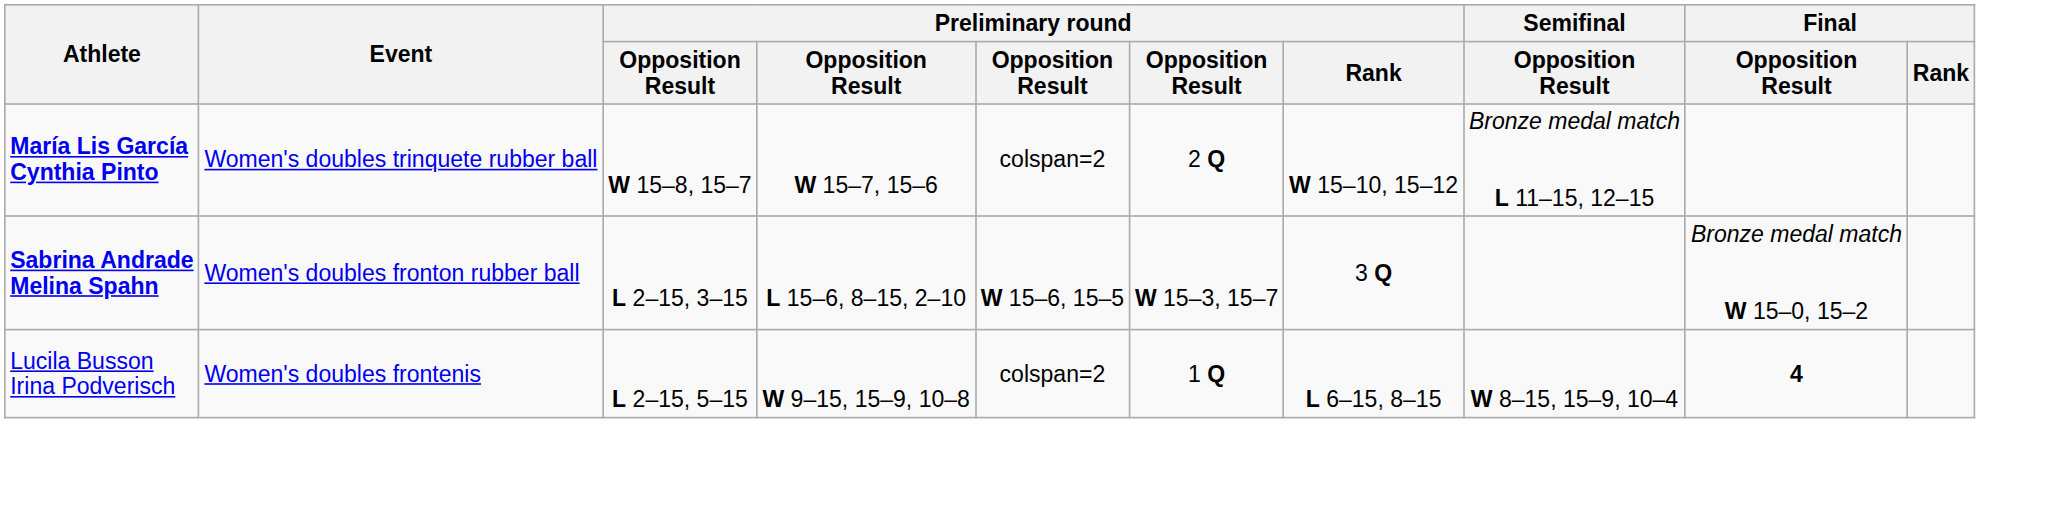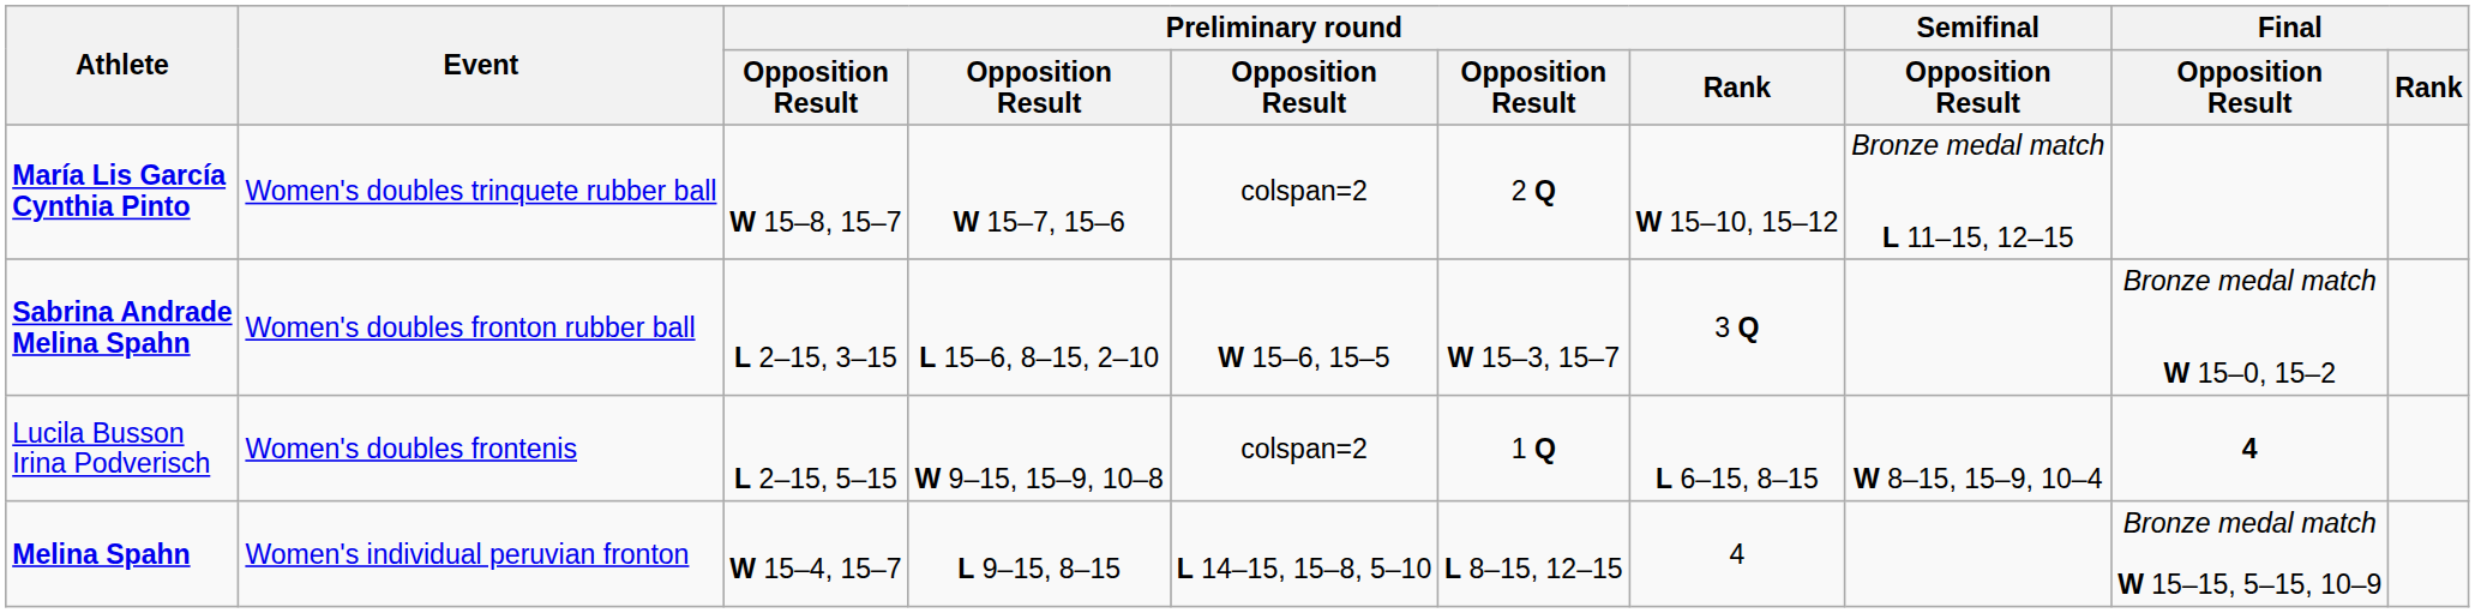 <table class="wikitable" style="font-size:90%">
 <tr>
 <th rowspan="2">Athlete</th>
 <th rowspan="2">Event</th>
 <th colspan="5">Preliminary round</th>
 <th>Semifinal</th>
 <th colspan=2>Final</th>
 </tr>
 <tr>
 <th>Opposition<br>Result</th>
 <th>Opposition<br>Result</th>
 <th>Opposition<br>Result</th>
 <th>Opposition<br>Result</th>
 <th>Rank</th>
 <th>Opposition<br>Result</th>
 <th>Opposition<br>Result</th>
 <th>Rank</th>
 </tr>
 <tr style="text-align:center">
 <td style="text-align:left"><strong><a href='#'>María Lis García</a><br><a href='#'>Cynthia Pinto</a></strong></td>
 <td style="text-align:left"><a href='#'>Women's doubles trinquete rubber ball</a></td>
 <td><br><br><strong>W</strong> 15–8, 15–7</td>
 <td><br><br><strong>W</strong> 15–7, 15–6</td>
 <td>colspan=2 </td>
 <td>2 <strong>Q</strong></td>
 <td><br><br><strong>W</strong> 15–10, 15–12</td>
 <td><em>Bronze medal match</em><br><br><br><strong>L</strong> 11–15, 12–15</td>
 <td></td>
 </tr>
 <tr style="text-align:center">
 <td style="text-align:left"><strong><a href='#'>Sabrina Andrade</a><br><a href='#'>Melina Spahn</a></strong></td>
 <td style="text-align:left"><a href='#'>Women's doubles fronton rubber ball</a></td>
 <td><br><br><strong>L</strong> 2–15, 3–15</td>
 <td><br><br><strong>L</strong> 15–6, 8–15, 2–10</td>
 <td><br><br><strong>W</strong> 15–6, 15–5</td>
 <td><br><br><strong>W</strong> 15–3, 15–7</td>
 <td>3 <strong>Q</strong></td>
 <td></td>
 <td><em>Bronze medal match</em><br><br><br><strong>W</strong> 15–0, 15–2</td>
 <td></td>
 </tr>
 <tr style="text-align:center">
 <td style="text-align:left"><a href='#'>Lucila Busson</a><br><a href='#'>Irina Podverisch</a></td>
 <td style="text-align:left"><a href='#'>Women's doubles frontenis</a></td>
 <td><br><br><strong>L</strong> 2–15, 5–15</td>
 <td><br><br><strong>W</strong> 9–15, 15–9, 10–8</td>
 <td>colspan=2 </td>
 <td>1 <strong>Q</strong></td>
 <td><br><br><strong>L</strong> 6–15, 8–15</td>
 <td><br><br><strong>W</strong> 8–15, 15–9, 10–4</td>
 <td><strong>4</strong></td>
 </tr>
+<tr style="text-align:center">
+<td style="text-align:left"><strong><a href='#'>Melina Spahn</a></strong></td>
+<td style="text-align:left"><a href='#'>Women's individual peruvian fronton</a></td>
+<td><br><strong>W</strong> 15–4, 15–7</td>
+<td><br><strong>L</strong> 9–15, 8–15</td>
+<td><br><strong>L</strong> 14–15, 15–8, 5–10</td>
+<td><br><strong>L</strong> 8–15, 12–15</td>
+<td>4</td>
+<td></td>
+<td><em>Bronze medal match</em><br><br><strong>W</strong> 15–15, 5–15, 10–9</td>
+<td></td>
+</tr>
 </table>
